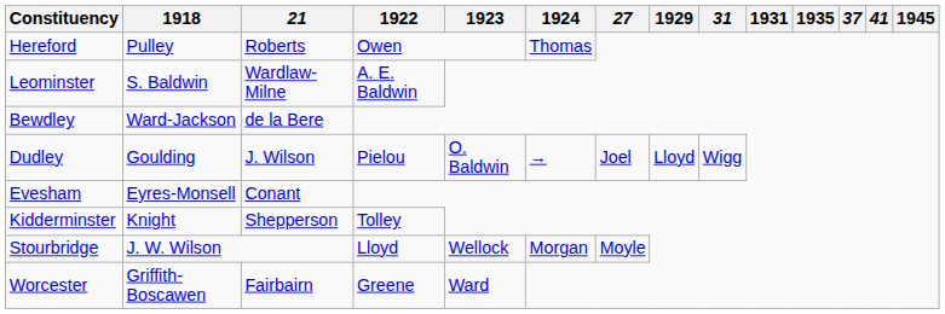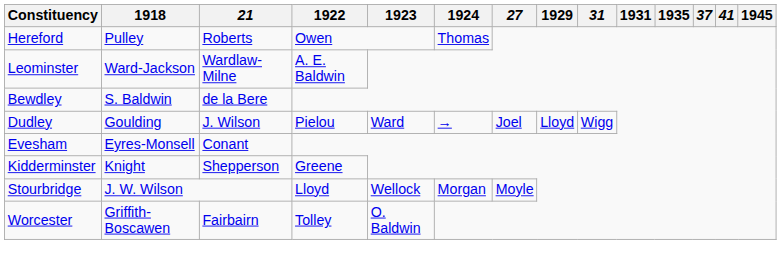 <table class="wikitable">
 <tr>
 <th>Constituency</th>
 <th>1918</th>
 <th><em>21</em></th>
 <th>1922</th>
 <th>1923</th>
 <th>1924</th>
 <th><em>27</em></th>
 <th>1929</th>
 <th><em>31</em></th>
 <th>1931</th>
 <th>1935</th>
 <th><em>37</em></th>
 <th><em>41</em></th>
 <th>1945</th>
 </tr>
 <tr>
 <td><a href='#'>Hereford</a></td>
 <td><a href='#'>Pulley</a></td>
 <td><a href='#'>Roberts</a></td>
 <td colspan="2"><a href='#'>Owen</a></td>
 <td><a href='#'>Thomas</a></td>
 </tr>
 <tr>
 <td><a href='#'>Leominster</a></td>
-<td><a href='#'>S. Baldwin</a></td>
+<td><a href='#'>Ward-Jackson</a></td>
 <td><a href='#'>Wardlaw-Milne</a></td>
 <td><a href='#'>A. E. Baldwin</a></td>
 </tr>
 <tr>
 <td><a href='#'>Bewdley</a></td>
-<td><a href='#'>Ward-Jackson</a></td>
+<td><a href='#'>S. Baldwin</a></td>
 <td><a href='#'>de la Bere</a></td>
 </tr>
 <tr>
 <td><a href='#'>Dudley</a></td>
 <td><a href='#'>Goulding</a></td>
 <td><a href='#'>J. Wilson</a></td>
 <td><a href='#'>Pielou</a></td>
-<td><a href='#'>O. Baldwin</a></td>
+<td><a href='#'>Ward</a></td>
 <td><a href='#'>→</a></td>
 <td><a href='#'>Joel</a></td>
 <td><a href='#'>Lloyd</a></td>
 <td><a href='#'>Wigg</a></td>
 </tr>
 <tr>
 <td><a href='#'>Evesham</a></td>
 <td><a href='#'>Eyres-Monsell</a></td>
 <td><a href='#'>Conant</a></td>
 </tr>
 <tr>
 <td><a href='#'>Kidderminster</a></td>
 <td><a href='#'>Knight</a></td>
 <td><a href='#'>Shepperson</a></td>
-<td><a href='#'>Tolley</a></td>
+<td><a href='#'>Greene</a></td>
 </tr>
 <tr>
 <td><a href='#'>Stourbridge</a></td>
 <td colspan="2"><a href='#'>J. W. Wilson</a></td>
 <td><a href='#'>Lloyd</a></td>
 <td><a href='#'>Wellock</a></td>
 <td><a href='#'>Morgan</a></td>
 <td><a href='#'>Moyle</a></td>
 </tr>
 <tr>
 <td><a href='#'>Worcester</a></td>
 <td><a href='#'>Griffith-Boscawen</a></td>
 <td bgcolor=><a href='#'>Fairbairn</a></td>
-<td><a href='#'>Greene</a></td>
-<td><a href='#'>Ward</a></td>
+<td><a href='#'>Tolley</a></td>
+<td><a href='#'>O. Baldwin</a></td>
 </tr>
 </table>
